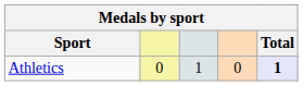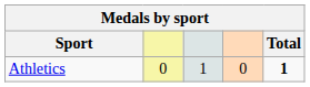 <table class="wikitable" style="font-size:90%; text-align:center;">
 <tr>
 <th colspan="5">Medals by sport</th>
 </tr>
 <tr>
 <th width="120">Sport</th>
 <th scope="col" width="30" style="background:#F7F6A8;"></th>
 <th scope="col" width="30" style="background:#DCE5E5;"></th>
 <th scope="col" width="30" style="background:#FFDAB9;"></th>
 <th width="30">Total</th>
 </tr>
 <tr>
 <td align="left"><a href='#'>Athletics</a></td>
 <td style="background:#F7F6A8;">0</td>
 <td style="background:#DCE5E5;">1</td>
 <td style="background:#FFDAB9;">0</td>
-<td style="background: lavender;"><strong>1</strong></td>
+<td><strong>1</strong></td>
 </tr>
 </table>
